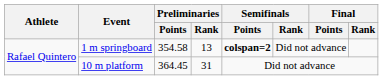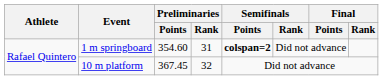 <table class=wikitable style="font-size:90%;">
 <tr>
 <th rowspan="2">Athlete</th>
 <th rowspan="2">Event</th>
 <th colspan="2">Preliminaries</th>
 <th colspan="2">Semifinals</th>
 <th colspan="2">Final</th>
 </tr>
 <tr style="font-size:95%">
 <th>Points</th>
 <th>Rank</th>
 <th>Points</th>
 <th>Rank</th>
 <th>Points</th>
 <th>Rank</th>
 </tr>
 <tr align=center>
 <td align=left rowspan=2><a href='#'>Rafael Quintero</a></td>
 <td align=left><a href='#'>1 m springboard</a></td>
-<td>354.58</td>
-<td>13</td>
+<td>354.60</td>
+<td>31</td>
 <td><strong>colspan=2 </strong></td>
 <td colspan=2>Did not advance</td>
 </tr>
 <tr align=center>
 <td align=left><a href='#'>10 m platform</a></td>
-<td>364.45</td>
-<td>31</td>
+<td>367.45</td>
+<td>32</td>
 <td colspan=4>Did not advance</td>
 </tr>
 </table>
